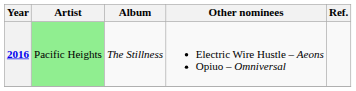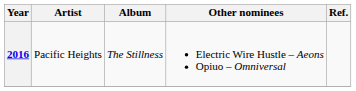 <table class="wikitable sortable">
 <tr>
 <th scope="col">Year</th>
 <th scope="col">Artist</th>
 <th scope="col">Album</th>
 <th scope="col" class=unsortable>Other nominees</th>
 <th scope="col" class=unsortable>Ref.</th>
 </tr>
 <tr>
 <th scope="row"><a href='#'>2016</a></th>
-<td style="background: lightgreen;">Pacific Heights</td>
+<td>Pacific Heights</td>
 <td><em>The Stillness</em></td>
 <td><br><ul><li>Electric Wire Hustle – <em>Aeons</em></li><li>Opiuo – <em>Omniversal</em></li></ul></td>
 <td align="center"></td>
 </tr>
 <tr>
 </tr>
 </table>
